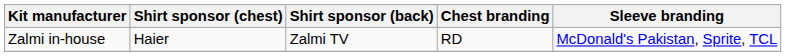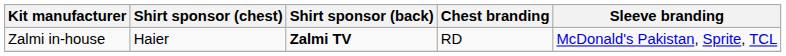 <table class="wikitable"  style="font-size:85%;">
 <tr>
 <th>Kit manufacturer</th>
 <th>Shirt sponsor (chest)</th>
 <th>Shirt sponsor (back)</th>
 <th>Chest branding</th>
 <th>Sleeve branding</th>
 </tr>
 <tr>
 <td>Zalmi in-house</td>
 <td>Haier</td>
-<td>Zalmi TV</td>
+<td><strong>Zalmi TV</strong></td>
 <td>RD</td>
 <td><a href='#'>McDonald's Pakistan</a>, <a href='#'>Sprite</a>, <a href='#'>TCL</a></td>
 </tr>
 <tr>
 </tr>
 </table>
